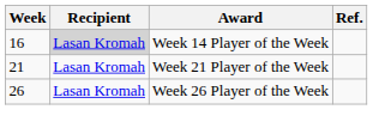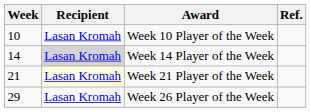 <table class="wikitable">
 <tr>
 <th>Week</th>
 <th>Recipient</th>
 <th>Award</th>
 <th>Ref.</th>
 </tr>
 <tr>
-<td>16</td>
+<td>10</td>
+<td><a href='#'>Lasan Kromah</a></td>
+<td>Week 10 Player of the Week</td>
+<td></td>
+</tr>
+<tr>
+<td>14</td>
 <td style="background: lightgrey;"><a href='#'>Lasan Kromah</a></td>
 <td>Week 14 Player of the Week</td>
 <td></td>
 </tr>
 <tr>
 <td>21</td>
-<td><a href='#'>Lasan Kromah</a></td>
+<td style="background: lightyellow;"><a href='#'>Lasan Kromah</a></td>
 <td>Week 21 Player of the Week</td>
 <td></td>
 </tr>
 <tr>
-<td>26</td>
+<td>29</td>
 <td><a href='#'>Lasan Kromah</a></td>
 <td>Week 26 Player of the Week</td>
 <td></td>
 </tr>
 </table>
